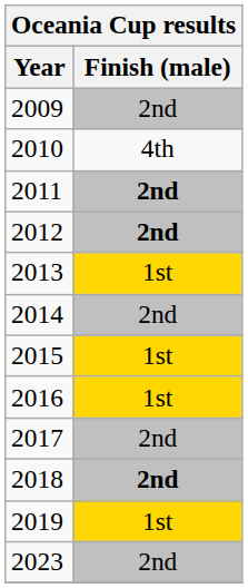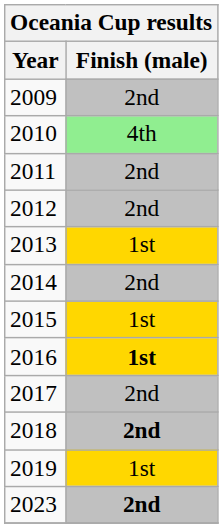 <table class="wikitable">
 <tr>
 <th colspan="7">Oceania Cup results</th>
 </tr>
 <tr>
 <th>Year</th>
 <th>Finish (male)</th>
 </tr>
 <tr>
 <td> 2009</td>
 <td bgcolor="#C0C0C0"; align=center>2nd</td>
 </tr>
 <tr>
 <td> 2010</td>
-<td align=center>4th</td>
+<td align=center style="background: lightgreen;">4th</td>
 </tr>
 <tr>
 <td> 2011</td>
-<td bgcolor="#C0C0C0"; align=center><strong>2nd</strong></td>
+<td bgcolor="#C0C0C0"; align=center>2nd</td>
 </tr>
 <tr>
 <td> 2012</td>
-<td bgcolor="#C0C0C0"; align=center><strong>2nd</strong></td>
+<td bgcolor="#C0C0C0"; align=center>2nd</td>
 </tr>
 <tr>
 <td> 2013</td>
 <td bgcolor="#FFD700"; align=center>1st</td>
 </tr>
 <tr>
 <td> 2014</td>
 <td bgcolor="#C0C0C0"; align=center>2nd</td>
 </tr>
 <tr>
 <td> 2015</td>
 <td bgcolor="#FFD700"; align=center>1st</td>
 </tr>
 <tr>
 <td> 2016</td>
-<td bgcolor="#FFD700"; align=center>1st</td>
+<td bgcolor="#FFD700"; align=center><strong>1st</strong></td>
 </tr>
 <tr>
 <td> 2017</td>
 <td bgcolor="#C0C0C0"; align=center>2nd</td>
 </tr>
 <tr>
 <td> 2018</td>
 <td bgcolor="#C0C0C0"; align=center><strong>2nd</strong></td>
 </tr>
 <tr>
 <td> 2019</td>
 <td bgcolor="#FFD700"; align=center>1st</td>
 </tr>
 <tr>
 <td> 2023</td>
-<td bgcolor="#C0C0C0"; align=center>2nd</td>
+<td bgcolor="#C0C0C0"; align=center><strong>2nd</strong></td>
 </tr>
 <tr>
 </tr>
 </table>
